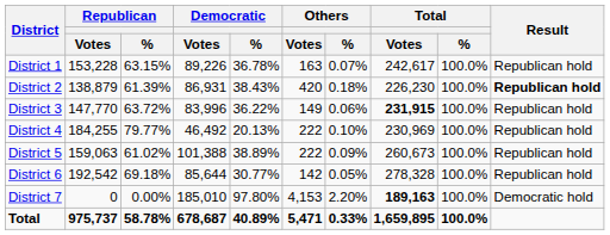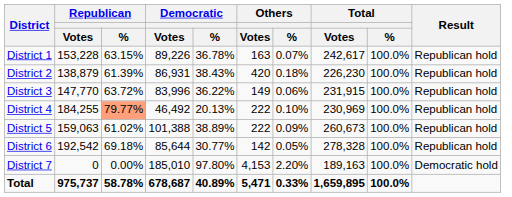 <table class="wikitable plainrowheaders sortable" style="font-size:100%; text-align:right;">
 <tr>
 <th scope=col rowspan=3><a href='#'>District</a></th>
 <th scope=col colspan=2><a href='#'>Republican</a></th>
 <th scope=col colspan=2><a href='#'>Democratic</a></th>
 <th scope=col colspan=2>Others</th>
 <th scope=col colspan=2>Total</th>
 <th scope=col rowspan=3>Result</th>
 </tr>
 <tr>
 <th scope=col colspan=2 style="background:"></th>
 <th scope=col colspan=2 style="background:"></th>
 <th scope=col colspan=2></th>
 <th scope=col colspan=2></th>
 </tr>
 <tr>
 <th scope=col data-sort-type="number">Votes</th>
 <th scope=col data-sort-type="number">%</th>
 <th scope=col data-sort-type="number">Votes</th>
 <th scope=col data-sort-type="number">%</th>
 <th scope=col data-sort-type="number">Votes</th>
 <th scope=col data-sort-type="number">%</th>
 <th scope=col data-sort-type="number">Votes</th>
 <th scope=col data-sort-type="number">%</th>
 </tr>
 <tr>
 <td align=left><a href='#'>District 1</a></td>
 <td>153,228</td>
 <td>63.15%</td>
 <td>89,226</td>
 <td>36.78%</td>
 <td>163</td>
 <td>0.07%</td>
 <td>242,617</td>
 <td>100.0%</td>
 <td align=left>Republican hold</td>
 </tr>
 <tr>
 <td align=left><a href='#'>District 2</a></td>
 <td>138,879</td>
 <td>61.39%</td>
 <td>86,931</td>
 <td>38.43%</td>
 <td>420</td>
 <td>0.18%</td>
 <td>226,230</td>
 <td>100.0%</td>
-<td align=left><strong>Republican hold</strong></td>
+<td align=left>Republican hold</td>
 </tr>
 <tr>
 <td align=left><a href='#'>District 3</a></td>
 <td>147,770</td>
 <td>63.72%</td>
 <td>83,996</td>
 <td>36.22%</td>
 <td>149</td>
 <td>0.06%</td>
-<td><strong>231,915</strong></td>
+<td>231,915</td>
 <td>100.0%</td>
 <td align=left>Republican hold</td>
 </tr>
 <tr>
 <td align=left><a href='#'>District 4</a></td>
 <td>184,255</td>
-<td>79.77%</td>
+<td style="background: lightsalmon;">79.77%</td>
 <td>46,492</td>
 <td>20.13%</td>
 <td>222</td>
 <td>0.10%</td>
 <td>230,969</td>
 <td>100.0%</td>
 <td align=left>Republican hold</td>
 </tr>
 <tr>
 <td align=left><a href='#'>District 5</a></td>
 <td>159,063</td>
 <td>61.02%</td>
 <td>101,388</td>
 <td>38.89%</td>
 <td>222</td>
 <td>0.09%</td>
 <td>260,673</td>
 <td>100.0%</td>
 <td align=left>Republican hold</td>
 </tr>
 <tr>
 <td align=left><a href='#'>District 6</a></td>
 <td>192,542</td>
 <td>69.18%</td>
 <td>85,644</td>
 <td>30.77%</td>
 <td>142</td>
 <td>0.05%</td>
 <td>278,328</td>
 <td>100.0%</td>
 <td align=left>Republican hold</td>
 </tr>
 <tr>
 <td align=left><a href='#'>District 7</a></td>
 <td>0</td>
 <td>0.00%</td>
 <td>185,010</td>
 <td>97.80%</td>
 <td>4,153</td>
 <td>2.20%</td>
-<td><strong>189,163</strong></td>
+<td>189,163</td>
 <td>100.0%</td>
 <td align=left>Democratic hold</td>
 </tr>
 <tr class="sortbottom" style="font-weight:bold">
 <td align=left>Total</td>
 <td>975,737</td>
 <td>58.78%</td>
 <td>678,687</td>
 <td>40.89%</td>
 <td>5,471</td>
 <td>0.33%</td>
 <td>1,659,895</td>
 <td>100.0%</td>
 <td></td>
 </tr>
 </table>
